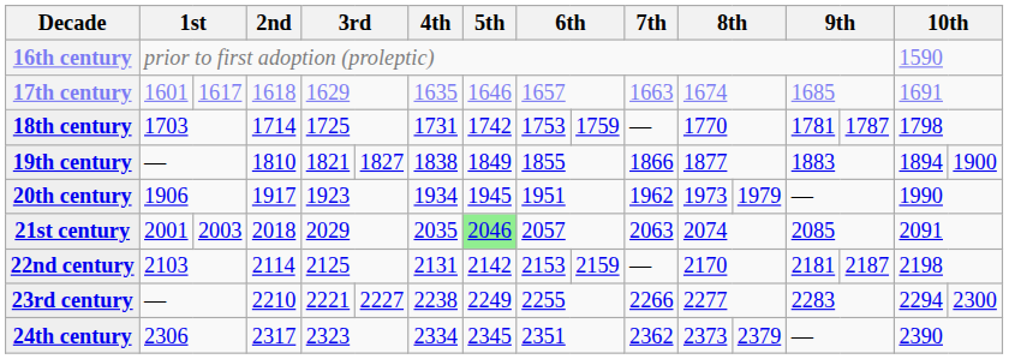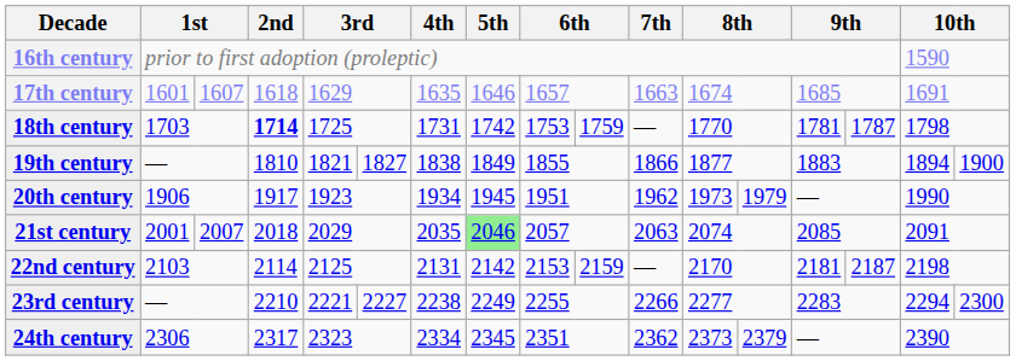 <table class="wikitable">
 <tr>
 <th scope=row>Decade</th>
 <th colspan=2>1st</th>
 <th>2nd</th>
 <th colspan=2>3rd</th>
 <th>4th</th>
 <th>5th</th>
 <th colspan=2>6th</th>
 <th>7th</th>
 <th colspan=2>8th</th>
 <th colspan=2>9th</th>
 <th colspan=2>10th</th>
 </tr>
 <tr style="opacity: 0.5;">
 <th style="background-color:#efefef;"><a href='#'>16th century</a></th>
 <td colspan=14><em>prior to first adoption (proleptic)</em></td>
 <td colspan=2><a href='#'>1590</a></td>
 </tr>
 <tr style="opacity: 0.5;">
 <th style="background-color:#efefef;"><a href='#'>17th century</a></th>
 <td><a href='#'>1601</a></td>
-<td><a href='#'>1617</a></td>
+<td><a href='#'>1607</a></td>
 <td><a href='#'>1618</a></td>
 <td colspan=2><a href='#'>1629</a></td>
 <td><a href='#'>1635</a></td>
 <td><a href='#'>1646</a></td>
 <td colspan=2><a href='#'>1657</a></td>
 <td><a href='#'>1663</a></td>
 <td colspan=2><a href='#'>1674</a></td>
 <td colspan=2><a href='#'>1685</a></td>
 <td colspan=2><a href='#'>1691</a></td>
 </tr>
 <tr>
 <th style="background-color:#efefef;"><a href='#'>18th century</a></th>
 <td colspan=2><a href='#'>1703</a></td>
-<td><a href='#'>1714</a></td>
+<td><strong><a href='#'>1714</a></strong></td>
 <td colspan=2><a href='#'>1725</a></td>
 <td><a href='#'>1731</a></td>
 <td><a href='#'>1742</a></td>
 <td><a href='#'>1753</a></td>
 <td><a href='#'>1759</a></td>
 <td>—</td>
 <td colspan=2><a href='#'>1770</a></td>
 <td><a href='#'>1781</a></td>
 <td><a href='#'>1787</a></td>
 <td colspan=2><a href='#'>1798</a></td>
 </tr>
 <tr>
 <th style="background-color:#efefef;"><a href='#'>19th century</a></th>
 <td colspan=2>—</td>
 <td><a href='#'>1810</a></td>
 <td><a href='#'>1821</a></td>
 <td><a href='#'>1827</a></td>
 <td><a href='#'>1838</a></td>
 <td><a href='#'>1849</a></td>
 <td colspan=2><a href='#'>1855</a></td>
 <td><a href='#'>1866</a></td>
 <td colspan=2><a href='#'>1877</a></td>
 <td colspan=2><a href='#'>1883</a></td>
 <td><a href='#'>1894</a></td>
 <td colspan><a href='#'>1900</a></td>
 </tr>
 <tr>
 <th style="background-color:#efefef;"><a href='#'>20th century</a></th>
 <td colspan=2><a href='#'>1906</a></td>
 <td><a href='#'>1917</a></td>
 <td colspan=2><a href='#'>1923</a></td>
 <td><a href='#'>1934</a></td>
 <td><a href='#'>1945</a></td>
 <td colspan=2><a href='#'>1951</a></td>
 <td><a href='#'>1962</a></td>
 <td><a href='#'>1973</a></td>
 <td><a href='#'>1979</a></td>
 <td colspan=2>—</td>
 <td colspan=2><a href='#'>1990</a></td>
 </tr>
 <tr>
 <th style="background-color:#efefef;"><a href='#'>21st century</a></th>
 <td><a href='#'>2001</a></td>
-<td><a href='#'>2003</a></td>
+<td><a href='#'>2007</a></td>
 <td><a href='#'>2018</a></td>
 <td colspan=2><a href='#'>2029</a></td>
 <td><a href='#'>2035</a></td>
 <td style="background: lightgreen;"><a href='#'>2046</a></td>
 <td colspan=2><a href='#'>2057</a></td>
 <td><a href='#'>2063</a></td>
 <td colspan=2><a href='#'>2074</a></td>
 <td colspan=2><a href='#'>2085</a></td>
 <td colspan=2><a href='#'>2091</a></td>
 </tr>
 <tr>
 <th style="background-color:#efefef;"><a href='#'>22nd century</a></th>
 <td colspan=2><a href='#'>2103</a></td>
 <td><a href='#'>2114</a></td>
 <td colspan=2><a href='#'>2125</a></td>
 <td><a href='#'>2131</a></td>
 <td><a href='#'>2142</a></td>
 <td><a href='#'>2153</a></td>
 <td><a href='#'>2159</a></td>
 <td>—</td>
 <td colspan=2><a href='#'>2170</a></td>
 <td><a href='#'>2181</a></td>
 <td><a href='#'>2187</a></td>
 <td colspan=2><a href='#'>2198</a></td>
 </tr>
 <tr>
 <th style="background-color:#efefef;"><a href='#'>23rd century</a></th>
 <td colspan=2>—</td>
 <td><a href='#'>2210</a></td>
 <td><a href='#'>2221</a></td>
 <td><a href='#'>2227</a></td>
 <td><a href='#'>2238</a></td>
 <td><a href='#'>2249</a></td>
 <td colspan=2><a href='#'>2255</a></td>
 <td><a href='#'>2266</a></td>
 <td colspan=2><a href='#'>2277</a></td>
 <td colspan=2><a href='#'>2283</a></td>
 <td><a href='#'>2294</a></td>
 <td colspan><a href='#'>2300</a></td>
 </tr>
 <tr>
 <th style="background-color:#efefef;"><a href='#'>24th century</a></th>
 <td colspan=2><a href='#'>2306</a></td>
 <td><a href='#'>2317</a></td>
 <td colspan=2><a href='#'>2323</a></td>
 <td><a href='#'>2334</a></td>
 <td><a href='#'>2345</a></td>
 <td colspan=2><a href='#'>2351</a></td>
 <td><a href='#'>2362</a></td>
 <td><a href='#'>2373</a></td>
 <td><a href='#'>2379</a></td>
 <td colspan=2>—</td>
 <td colspan=2><a href='#'>2390</a></td>
 </tr>
 </table>
